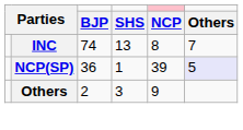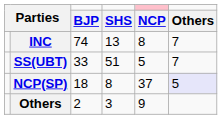 <table class="wikitable">
 <tr>
 <th colspan=2 rowspan="2">Parties</th>
 <td style="color:inherit;background:"></td>
 <td style="color:inherit;background:"></td>
 <td style="color:inherit;background:#FFC0CB"></td>
 <td style="color:inherit;background:"></td>
 </tr>
 <tr>
 <th><a href='#'>BJP</a></th>
 <th><a href='#'>SHS</a></th>
 <th><a href='#'>NCP</a></th>
 <th>Others</th>
 </tr>
 <tr>
 <td></td>
 <th><a href='#'>INC</a></th>
 <td>74</td>
 <td>13</td>
 <td>8</td>
 <td>7</td>
 </tr>
 <tr>
 <td></td>
+<th><a href='#'>SS(UBT)</a></th>
+<td>33</td>
+<td>51</td>
+<td>5</td>
+<td>7</td>
+</tr>
+<tr>
+<td></td>
 <th><a href='#'>NCP(SP)</a></th>
-<td>36</td>
-<td>1</td>
-<td>39</td>
+<td>18</td>
+<td>8</td>
+<td>37</td>
 <td style="background: lavender;">5</td>
 </tr>
 <tr>
 <td></td>
 <th>Others</th>
 <td>2</td>
 <td>3</td>
 <td>9</td>
 <td></td>
 </tr>
 </table>
